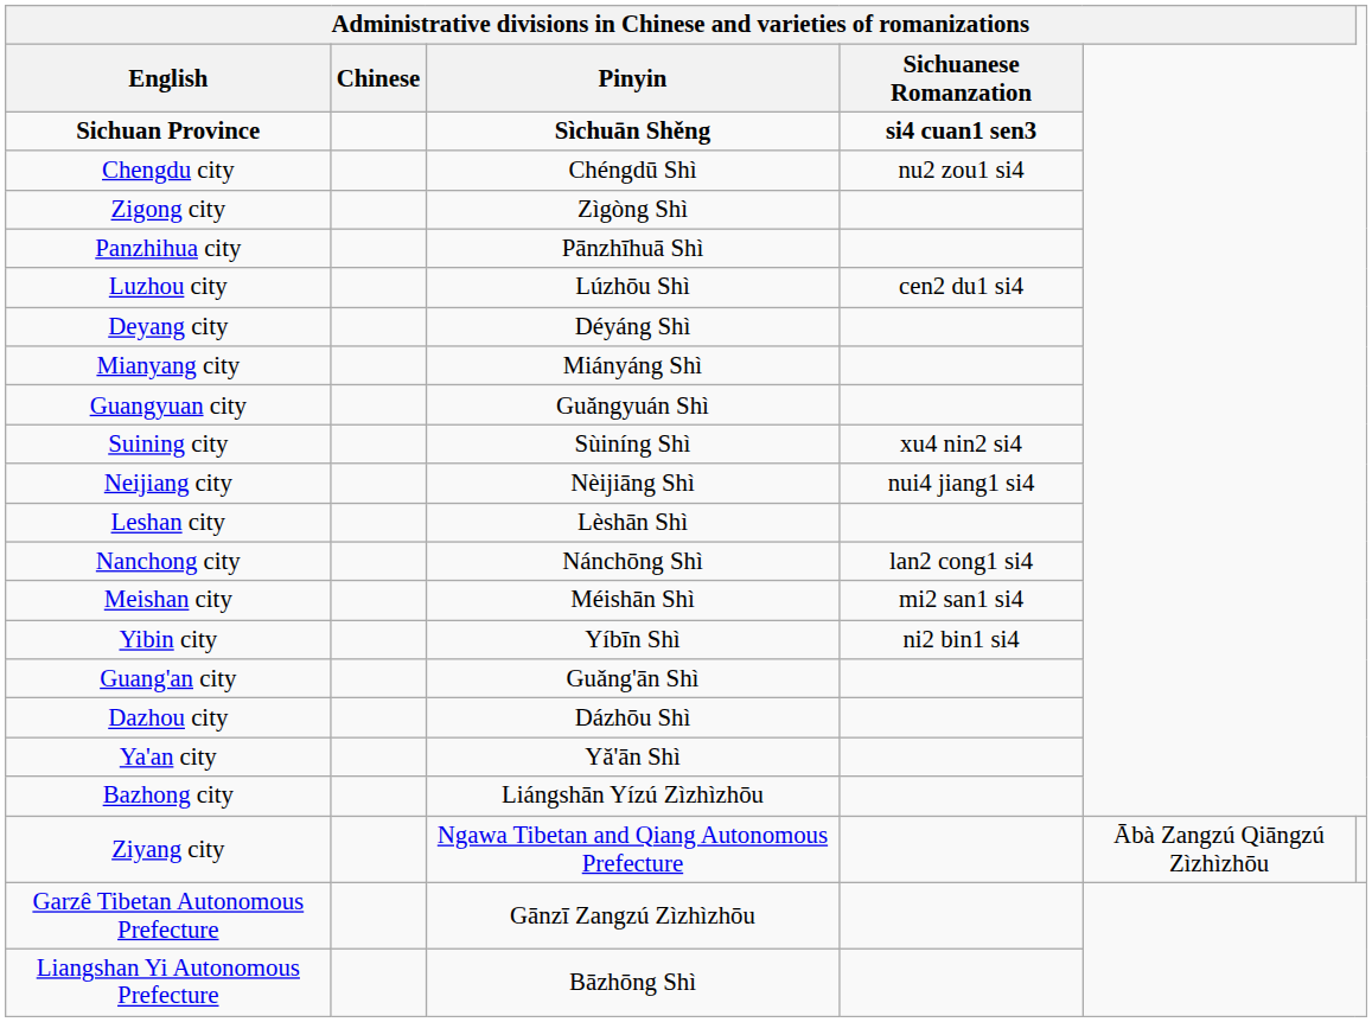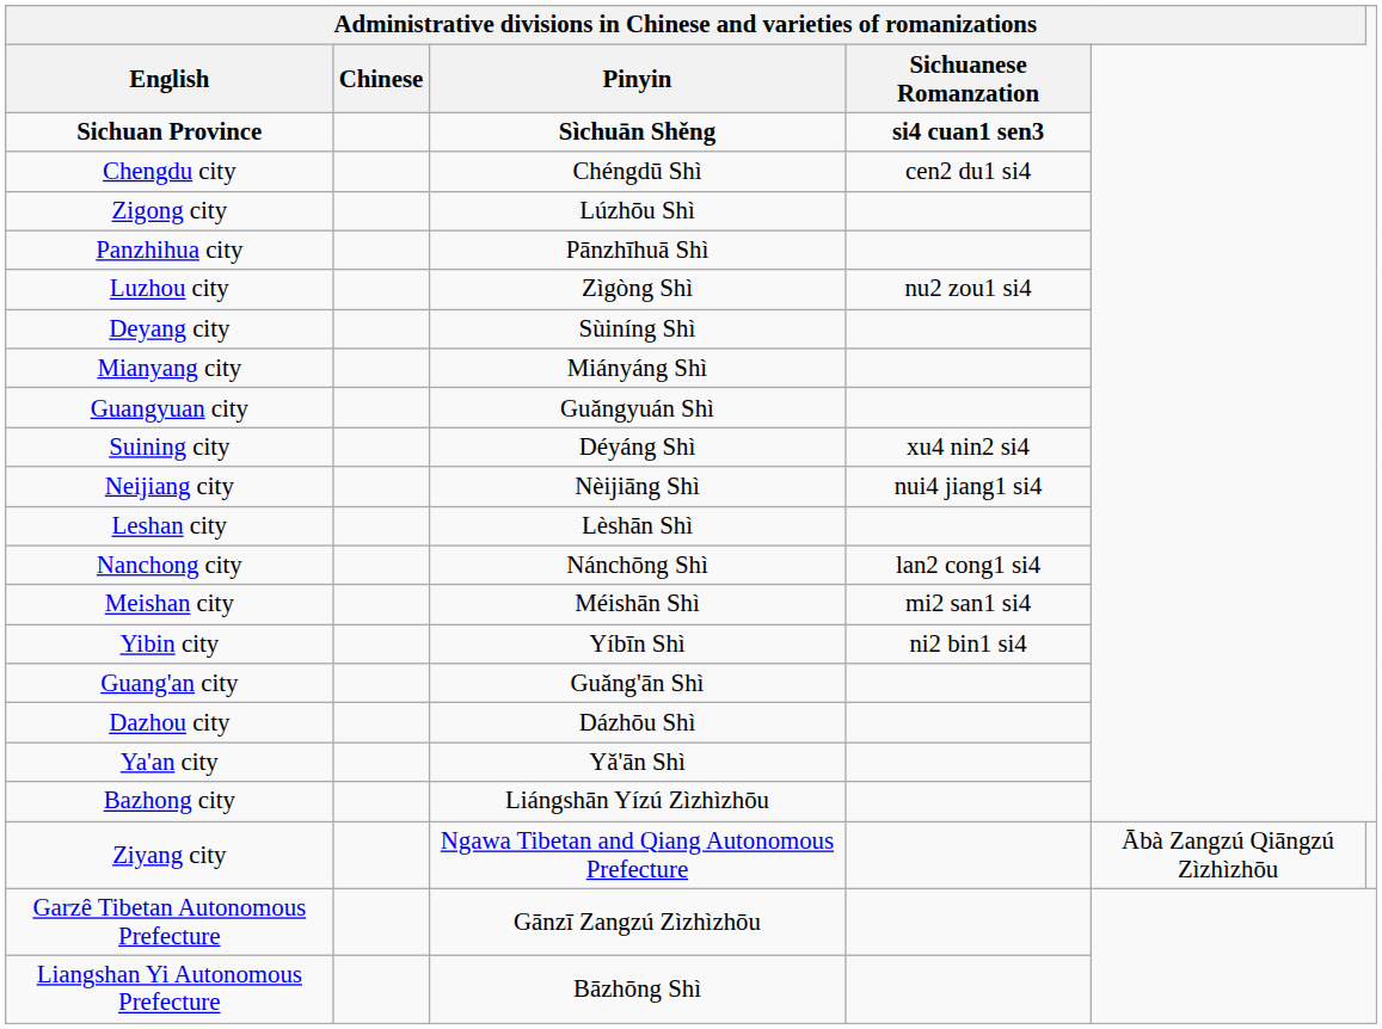 <table class="wikitable sortable collapsible collapsed" style="text-font:90%; width:auto; text-align:center; margin-left: auto; margin-right: auto;">
 <tr>
 <th colspan="5">Administrative divisions in Chinese and varieties of romanizations</th>
 </tr>
 <tr>
 <th>English</th>
 <th>Chinese</th>
 <th>Pinyin</th>
 <th>Sichuanese Romanzation</th>
 </tr>
 <tr>
 <td><strong>Sichuan Province</strong></td>
 <td></td>
 <td><strong>Sìchuān Shěng</strong></td>
 <td><strong>si4 cuan1 sen3</strong></td>
 </tr>
 <tr>
 <td><a href='#'>Chengdu</a> city</td>
 <td></td>
 <td>Chéngdū Shì</td>
-<td>nu2 zou1 si4</td>
+<td>cen2 du1 si4</td>
 </tr>
 <tr>
 <td><a href='#'>Zigong</a> city</td>
 <td></td>
-<td>Zìgòng Shì</td>
+<td>Lúzhōu Shì</td>
 <td></td>
 </tr>
 <tr>
 <td><a href='#'>Panzhihua</a> city</td>
 <td></td>
 <td>Pānzhīhuā Shì</td>
 <td></td>
 </tr>
 <tr>
 <td><a href='#'>Luzhou</a> city</td>
 <td></td>
-<td>Lúzhōu Shì</td>
-<td>cen2 du1 si4</td>
+<td>Zìgòng Shì</td>
+<td>nu2 zou1 si4</td>
 </tr>
 <tr>
 <td><a href='#'>Deyang</a> city</td>
 <td></td>
-<td>Déyáng Shì</td>
+<td>Sùiníng Shì</td>
 <td></td>
 </tr>
 <tr>
 <td><a href='#'>Mianyang</a> city</td>
 <td></td>
 <td>Miányáng Shì</td>
 <td></td>
 </tr>
 <tr>
 <td><a href='#'>Guangyuan</a> city</td>
 <td></td>
 <td>Guǎngyuán Shì</td>
 <td></td>
 </tr>
 <tr>
 <td><a href='#'>Suining</a> city</td>
 <td></td>
-<td>Sùiníng Shì</td>
+<td>Déyáng Shì</td>
 <td>xu4 nin2 si4</td>
 </tr>
 <tr>
 <td><a href='#'>Neijiang</a> city</td>
 <td></td>
 <td>Nèijiāng Shì</td>
 <td>nui4 jiang1 si4</td>
 </tr>
 <tr>
 <td><a href='#'>Leshan</a> city</td>
 <td></td>
 <td>Lèshān Shì</td>
 <td></td>
 </tr>
 <tr>
 <td><a href='#'>Nanchong</a> city</td>
 <td></td>
 <td>Nánchōng Shì</td>
 <td>lan2 cong1 si4</td>
 </tr>
 <tr>
 <td><a href='#'>Meishan</a> city</td>
 <td></td>
 <td>Méishān Shì</td>
 <td>mi2 san1 si4</td>
 </tr>
 <tr>
 <td><a href='#'>Yibin</a> city</td>
 <td></td>
 <td>Yíbīn Shì</td>
 <td>ni2 bin1 si4</td>
 </tr>
 <tr>
 <td><a href='#'>Guang'an</a> city</td>
 <td></td>
 <td>Guǎng'ān Shì</td>
 <td></td>
 </tr>
 <tr>
 <td><a href='#'>Dazhou</a> city</td>
 <td></td>
 <td>Dázhōu Shì</td>
 <td></td>
 </tr>
 <tr>
 <td><a href='#'>Ya'an</a> city</td>
 <td></td>
 <td>Yǎ'ān Shì</td>
 <td></td>
 </tr>
 <tr>
 <td><a href='#'>Bazhong</a> city</td>
 <td></td>
 <td>Liángshān Yízú Zìzhìzhōu</td>
 <td></td>
 </tr>
 <tr>
 <td><a href='#'>Ziyang</a> city</td>
 <td></td>
 <td><a href='#'>Ngawa Tibetan and Qiang Autonomous Prefecture</a></td>
 <td></td>
 <td>Ābà Zangzú Qiāngzú Zìzhìzhōu</td>
 <td></td>
 </tr>
 <tr>
 <td><a href='#'>Garzê Tibetan Autonomous Prefecture</a></td>
 <td></td>
 <td>Gānzī Zangzú Zìzhìzhōu</td>
 <td></td>
 </tr>
 <tr>
 <td><a href='#'>Liangshan Yi Autonomous Prefecture</a></td>
 <td></td>
 <td>Bāzhōng Shì</td>
 <td></td>
 </tr>
 </table>
